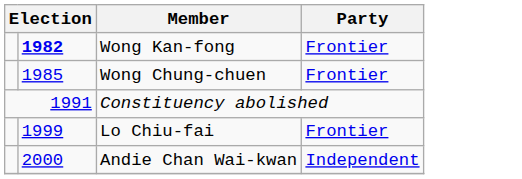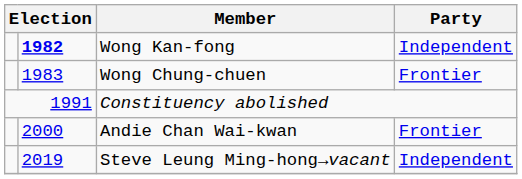 <table class="wikitable">
 <tr>
 <th colspan="2">Election</th>
 <th>Member</th>
 <th>Party</th>
 </tr>
 <tr>
 <td style="background-color:"></td>
 <td><strong><a href='#'>1982</a></strong></td>
 <td>Wong Kan-fong</td>
-<td><a href='#'>Frontier</a></td>
+<td><a href='#'>Independent</a></td>
 </tr>
 <tr>
 <td style="background-color:"></td>
-<td><a href='#'>1985</a></td>
+<td><a href='#'>1983</a></td>
 <td>Wong Chung-chuen</td>
 <td><a href='#'>Frontier</a></td>
 </tr>
 <tr>
 <td colspan=2 align=right><a href='#'>1991</a></td>
 <td colspan=2><em>Constituency abolished</em></td>
 </tr>
 <tr>
 <td style="background-color:"></td>
-<td><a href='#'>1999</a></td>
-<td>Lo Chiu-fai</td>
+<td><a href='#'>2000</a></td>
+<td>Andie Chan Wai-kwan</td>
 <td><a href='#'>Frontier</a></td>
 </tr>
 <tr>
 <td style="background-color:"></td>
-<td><a href='#'>2000</a></td>
-<td>Andie Chan Wai-kwan</td>
+<td><a href='#'>2019</a></td>
+<td>Steve Leung Ming-hong→<em>vacant</em></td>
 <td><a href='#'>Independent</a></td>
 </tr>
 <tr>
 </tr>
 </table>
